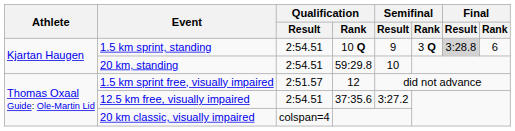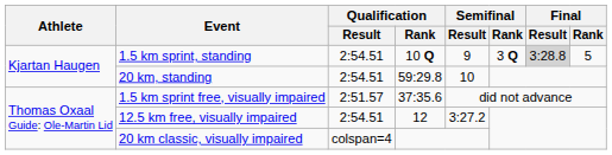 <table class="wikitable" style="font-size:90%">
 <tr>
 <th rowspan=2>Athlete</th>
 <th rowspan=2>Event</th>
 <th colspan=2>Qualification</th>
 <th colspan=2>Semifinal</th>
 <th colspan=2>Final</th>
 </tr>
 <tr style="font-size:95%">
 <th>Result</th>
 <th>Rank</th>
 <th>Result</th>
 <th>Rank</th>
 <th>Result</th>
 <th>Rank</th>
 </tr>
 <tr align=center>
 <td style="text-align:left;" rowspan="2"><a href='#'>Kjartan Haugen</a></td>
 <td align=left><a href='#'>1.5 km sprint, standing</a></td>
 <td>2:54.51</td>
 <td>10 <strong>Q</strong></td>
 <td>9</td>
 <td>3 <strong>Q</strong></td>
 <td style="background: lightgrey;">3:28.8</td>
-<td>6</td>
+<td>5</td>
 </tr>
 <tr align=center>
 <td align=left><a href='#'>20 km, standing</a></td>
 <td>2:54.51</td>
 <td>59:29.8</td>
 <td>10</td>
 </tr>
 <tr align=center>
 <td style="text-align:left;" rowspan="3"><a href='#'>Thomas Oxaal</a><br><small><a href='#'>Guide</a>: <a href='#'>Ole-Martin Lid</a></small></td>
 <td align=left><a href='#'>1.5 km sprint free, visually impaired</a></td>
 <td>2:51.57</td>
-<td>12</td>
+<td>37:35.6</td>
 <td colspan=4>did not advance</td>
 </tr>
 <tr align=center>
 <td align=left><a href='#'>12.5 km free, visually impaired</a></td>
 <td>2:54.51</td>
-<td>37:35.6</td>
+<td>12</td>
 <td>3:27.2</td>
 </tr>
 <tr align=center>
 <td align=left><a href='#'>20 km classic, visually impaired</a></td>
 <td>colspan=4 </td>
 <td colspan=2></td>
 </tr>
 </table>
